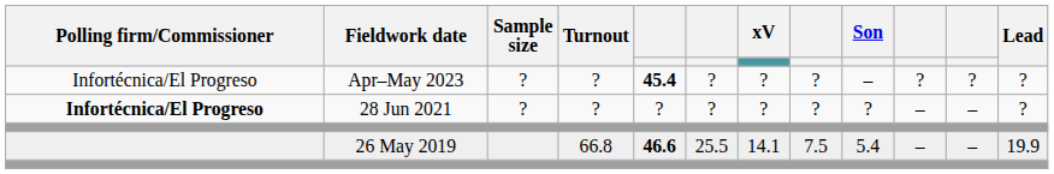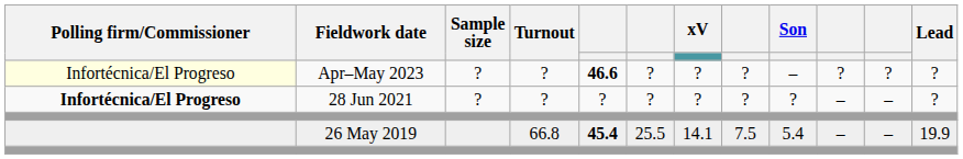 <table class="wikitable collapsible collapsed" style="text-align:center; font-size:95%; line-height:16px;">
 <tr style="height:42px;">
 <th style="width:250px;" rowspan="2">Polling firm/Commissioner</th>
 <th style="width:125px;" rowspan="2">Fieldwork date</th>
 <th style="width:50px;" rowspan="2">Sample size</th>
 <th style="width:45px;" rowspan="2">Turnout</th>
 <th style="width:35px;"></th>
 <th style="width:35px;"></th>
 <th style="width:35px;">xV</th>
 <th style="width:35px;"></th>
 <th style="width:35px;"><a href='#'>Son</a></th>
 <th style="width:35px;"></th>
 <th style="width:35px;"></th>
 <th style="width:30px;" rowspan="2">Lead</th>
 </tr>
 <tr>
 <th style="color:inherit;background:"></th>
 <th style="color:inherit;background:"></th>
 <th style="color:inherit;background:#4898A2;"></th>
 <th style="color:inherit;background:"></th>
 <th style="color:inherit;background:"></th>
 <th style="color:inherit;background:"></th>
 <th style="color:inherit;background:"></th>
 </tr>
 <tr>
-<td>Infortécnica/El Progreso</td>
+<td style="background: lightyellow;">Infortécnica/El Progreso</td>
 <td>Apr–May 2023</td>
 <td>?</td>
 <td>?</td>
-<td><strong>45.4</strong><br></td>
+<td><strong>46.6</strong><br></td>
 <td>?<br></td>
 <td>?<br></td>
 <td>?<br></td>
 <td>–</td>
 <td>?<br></td>
 <td>?<br></td>
 <td style="background:">?</td>
 </tr>
 <tr>
 <td><strong>Infortécnica/El Progreso</strong></td>
 <td>28 Jun 2021</td>
 <td>?</td>
 <td>?</td>
 <td>?<br></td>
 <td>?<br></td>
 <td>?<br></td>
 <td>?<br></td>
 <td>?<br></td>
 <td>–</td>
 <td>–</td>
 <td style="background:">?</td>
 </tr>
 <tr>
 <td colspan="12" style="background:#A0A0A0"></td>
 </tr>
 <tr style="background:#EFEFEF;">
 <td><strong></strong></td>
 <td>26 May 2019</td>
 <td></td>
 <td>66.8</td>
-<td><strong>46.6</strong><br></td>
+<td><strong>45.4</strong><br></td>
 <td>25.5<br></td>
 <td>14.1<br></td>
 <td>7.5<br></td>
 <td>5.4<br></td>
 <td>–</td>
 <td>–</td>
 <td style="background:">19.9</td>
 </tr>
 <tr>
 <td colspan="12" style="background:#A0A0A0"></td>
 </tr>
 </table>
